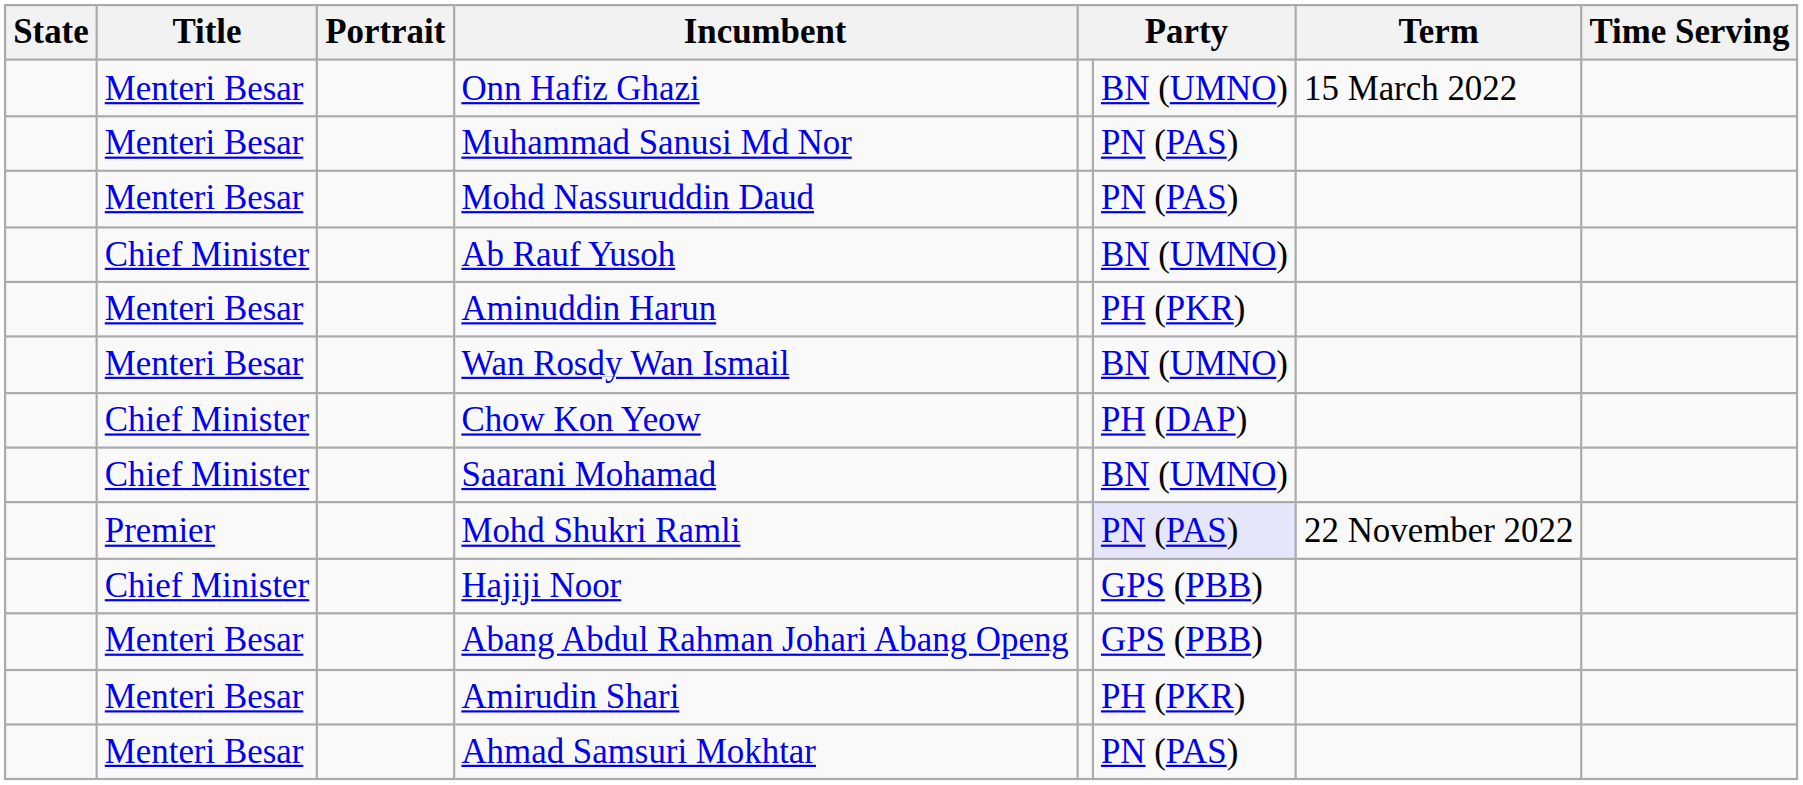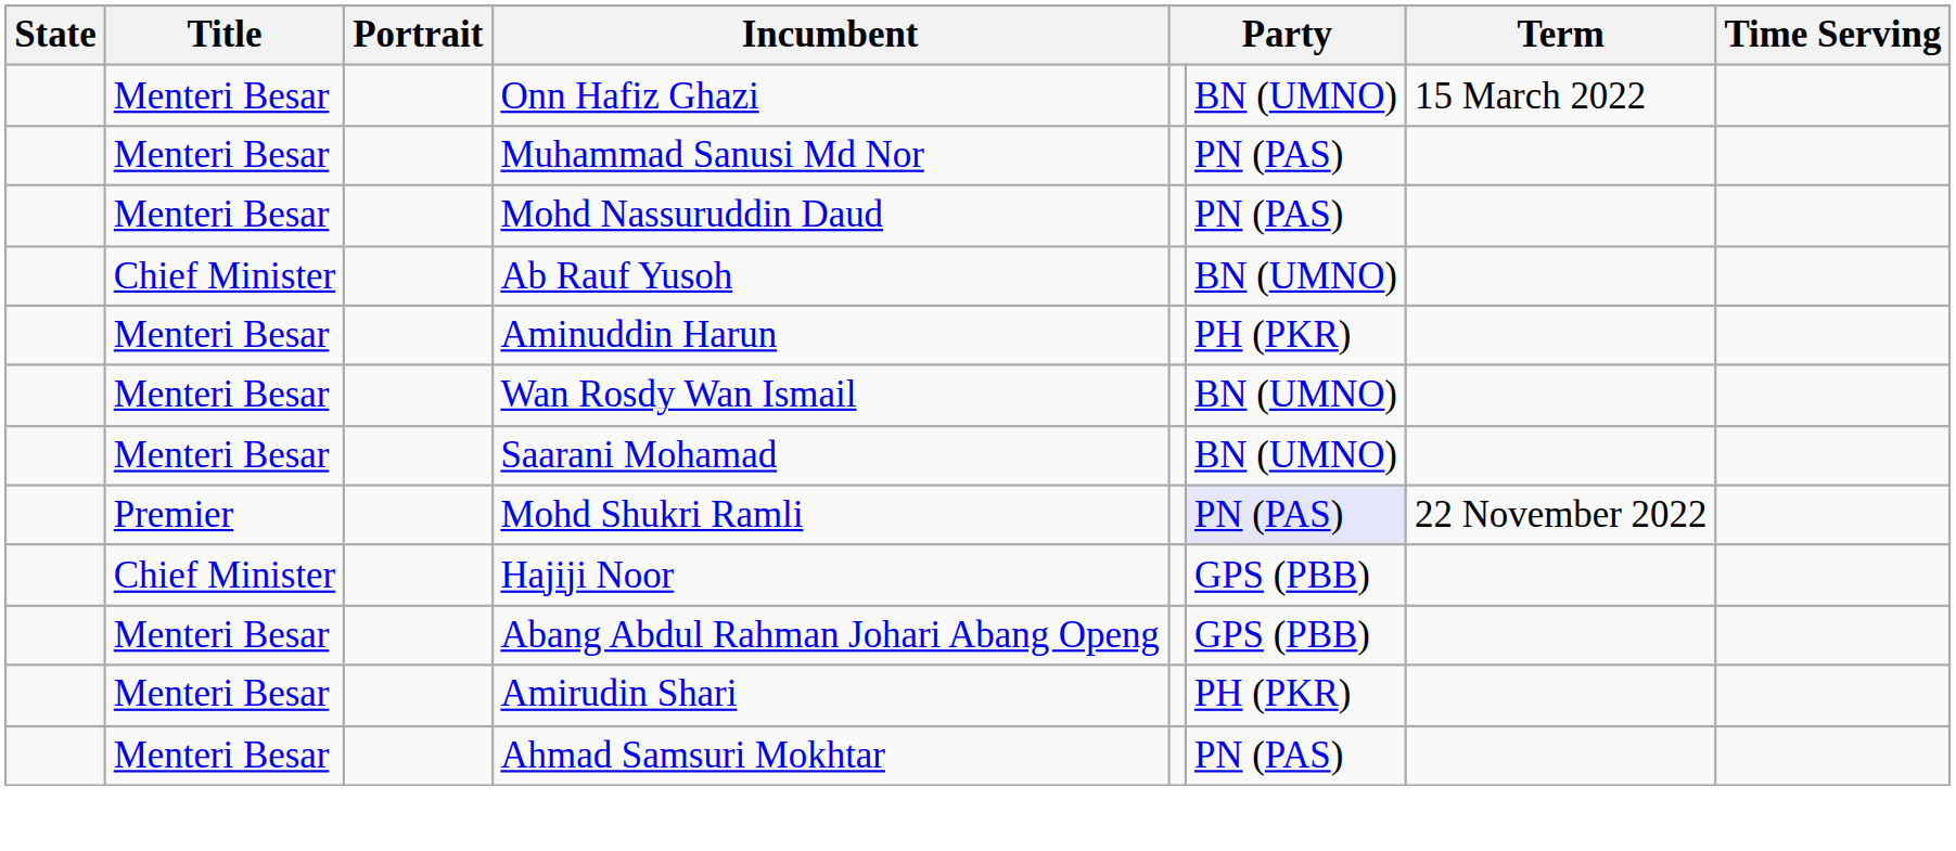 <table class="sortable wikitable">
 <tr>
 <th>State</th>
 <th>Title</th>
 <th>Portrait</th>
 <th>Incumbent</th>
 <th colspan=2>Party</th>
 <th>Term</th>
 <th>Time Serving</th>
 </tr>
 <tr>
 <td></td>
 <td><a href='#'>Menteri Besar</a></td>
 <td></td>
 <td style="text-align:left"><a href='#'>Onn Hafiz Ghazi</a></td>
 <td style="background:"></td>
 <td><a href='#'>BN</a> (<a href='#'>UMNO</a>)</td>
 <td>15 March 2022</td>
 <td></td>
 </tr>
 <tr>
 <td></td>
 <td><a href='#'>Menteri Besar</a></td>
 <td></td>
 <td style="text-align:left"><a href='#'>Muhammad Sanusi Md Nor</a></td>
 <td style="background:"></td>
 <td><a href='#'>PN</a> (<a href='#'>PAS</a>)</td>
 <td></td>
 <td></td>
 </tr>
 <tr>
 <td></td>
 <td><a href='#'>Menteri Besar</a></td>
 <td></td>
 <td style="text-align:left"><a href='#'>Mohd Nassuruddin Daud</a></td>
 <td style="background:"></td>
 <td><a href='#'>PN</a> (<a href='#'>PAS</a>)</td>
 <td></td>
 <td></td>
 </tr>
 <tr>
 <td></td>
 <td><a href='#'>Chief Minister</a></td>
 <td></td>
 <td style="text-align:left"><a href='#'>Ab Rauf Yusoh</a></td>
 <td style="background:"></td>
 <td><a href='#'>BN</a> (<a href='#'>UMNO</a>)</td>
 <td></td>
 <td></td>
 </tr>
 <tr>
 <td></td>
 <td><a href='#'>Menteri Besar</a></td>
 <td></td>
 <td style="text-align:left"><a href='#'>Aminuddin Harun</a></td>
 <td style="background:"></td>
 <td><a href='#'>PH</a> (<a href='#'>PKR</a>)</td>
 <td></td>
 <td></td>
 </tr>
 <tr>
 <td></td>
 <td><a href='#'>Menteri Besar</a></td>
 <td></td>
 <td style="text-align:left"><a href='#'>Wan Rosdy Wan Ismail</a></td>
 <td style="background:"></td>
 <td><a href='#'>BN</a> (<a href='#'>UMNO</a>)</td>
 <td></td>
 <td></td>
 </tr>
 <tr>
 <td></td>
-<td><a href='#'>Chief Minister</a></td>
-<td></td>
-<td style="text-align:left"><a href='#'>Chow Kon Yeow</a></td>
-<td style="background:"></td>
-<td><a href='#'>PH</a> (<a href='#'>DAP</a>)</td>
-<td></td>
-<td></td>
-</tr>
-<tr>
-<td></td>
-<td><a href='#'>Chief Minister</a></td>
+<td><a href='#'>Menteri Besar</a></td>
 <td></td>
 <td style="text-align:left"><a href='#'>Saarani Mohamad</a></td>
 <td style="background:"></td>
 <td><a href='#'>BN</a> (<a href='#'>UMNO</a>)</td>
 <td></td>
 <td></td>
 </tr>
 <tr>
 <td></td>
 <td><a href='#'>Premier</a></td>
 <td></td>
 <td style="text-align:left"><a href='#'>Mohd Shukri Ramli</a></td>
 <td style="background:"></td>
 <td style="background: lavender;"><a href='#'>PN</a> (<a href='#'>PAS</a>)</td>
 <td>22 November 2022</td>
 <td></td>
 </tr>
 <tr>
 <td></td>
 <td><a href='#'>Chief Minister</a></td>
 <td></td>
 <td style="text-align:left"><a href='#'>Hajiji Noor</a></td>
 <td style="background:"></td>
 <td><a href='#'>GPS</a> (<a href='#'>PBB</a>)</td>
 <td></td>
 <td></td>
 </tr>
 <tr>
 <td></td>
 <td><a href='#'>Menteri Besar</a></td>
 <td></td>
 <td style="text-align:left"><a href='#'>Abang Abdul Rahman Johari Abang Openg</a></td>
 <td style="background:"></td>
 <td><a href='#'>GPS</a> (<a href='#'>PBB</a>)</td>
 <td></td>
 <td></td>
 </tr>
 <tr>
 <td></td>
 <td><a href='#'>Menteri Besar</a></td>
 <td></td>
 <td style="text-align:left"><a href='#'>Amirudin Shari</a></td>
 <td style="background:"></td>
 <td><a href='#'>PH</a> (<a href='#'>PKR</a>)</td>
 <td></td>
 <td></td>
 </tr>
 <tr>
 <td></td>
 <td><a href='#'>Menteri Besar</a></td>
 <td></td>
 <td style="text-align:left"><a href='#'>Ahmad Samsuri Mokhtar</a></td>
 <td style="background:"></td>
 <td><a href='#'>PN</a> (<a href='#'>PAS</a>)</td>
 <td></td>
 <td></td>
 </tr>
 </table>
